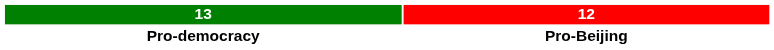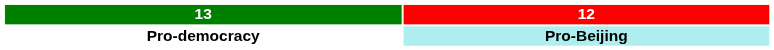 <table style="width:50%; text-align:center;">
 <tr style="color:white;">
 <td style="background:green; width:52%;"><strong>13</strong></td>
 <td style="background:red; width:48%;"><strong>12</strong></td>
 </tr>
 <tr>
 <td><span><strong>Pro-democracy</strong></span></td>
-<td><span><strong>Pro-Beijing</strong></span></td>
+<td style="background: paleturquoise;"><span><strong>Pro-Beijing</strong></span></td>
 </tr>
 </table>
